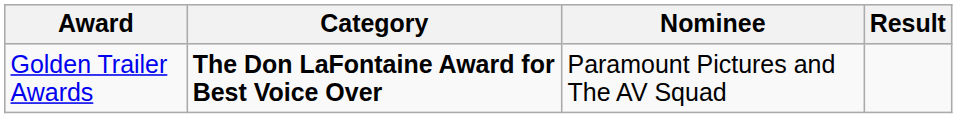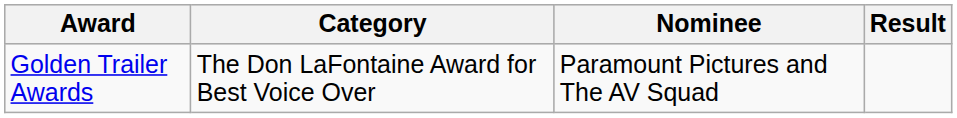 <table class="wikitable sortable">
 <tr>
 <th>Award</th>
 <th>Category</th>
 <th>Nominee</th>
 <th>Result</th>
 </tr>
 <tr>
 <td rowspan="2"><a href='#'>Golden Trailer Awards</a></td>
-<td><strong>The Don LaFontaine Award for Best Voice Over</strong></td>
+<td>The Don LaFontaine Award for Best Voice Over</td>
 <td>Paramount Pictures and The AV Squad</td>
 <td></td>
 </tr>
 </table>
